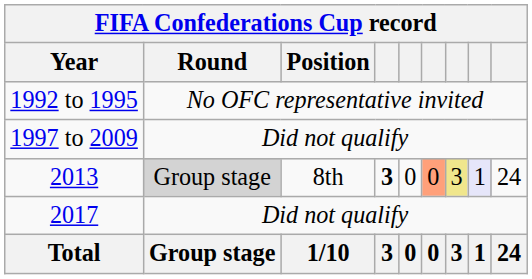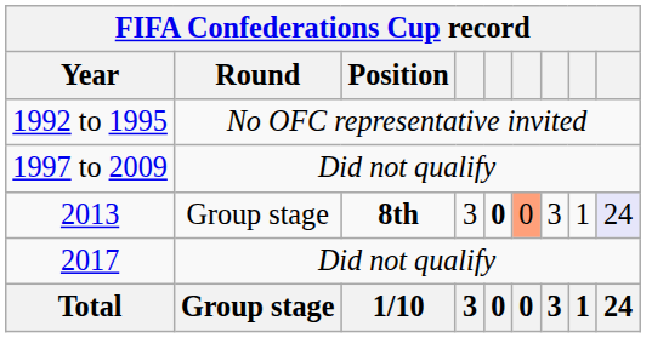 <table class="wikitable"  style="text-align:center;">
 <tr>
 <th colspan=9><a href='#'>FIFA Confederations Cup</a> record</th>
 </tr>
 <tr>
 <th>Year</th>
 <th>Round</th>
 <th>Position</th>
 <th></th>
 <th></th>
 <th></th>
 <th></th>
 <th></th>
 <th></th>
 </tr>
 <tr>
 <td><a href='#'>1992</a> to <a href='#'>1995</a></td>
 <td colspan=8><em>No OFC representative invited</em></td>
 </tr>
 <tr>
 <td><a href='#'>1997</a> to <a href='#'>2009</a></td>
 <td colspan=8><em>Did not qualify</em></td>
 </tr>
 <tr>
 <td> <a href='#'>2013</a></td>
-<td style="background: lightgrey;">Group stage</td>
-<td>8th</td>
-<td><strong>3</strong></td>
-<td>0</td>
+<td>Group stage</td>
+<td><strong>8th</strong></td>
+<td>3</td>
+<td><strong>0</strong></td>
 <td style="background: lightsalmon;">0</td>
-<td style="background: khaki;">3</td>
-<td style="background: lavender;">1</td>
-<td>24</td>
+<td>3</td>
+<td>1</td>
+<td style="background: lavender;">24</td>
 </tr>
 <tr>
 <td> <a href='#'>2017</a></td>
 <td colspan=8><em>Did not qualify</em></td>
 </tr>
 <tr>
 <th>Total</th>
 <th>Group stage</th>
 <th>1/10</th>
 <th>3</th>
 <th>0</th>
 <th>0</th>
 <th>3</th>
 <th>1</th>
 <th>24</th>
 </tr>
 </table>
